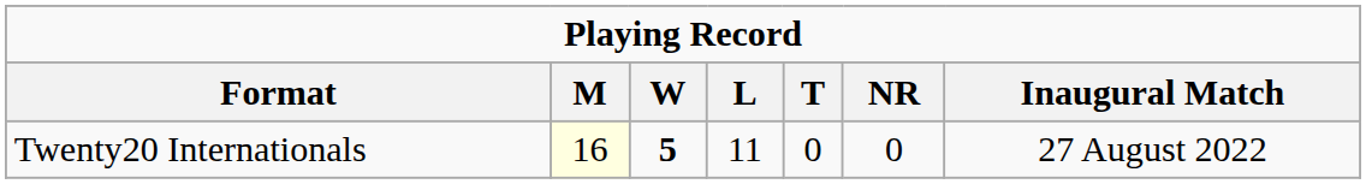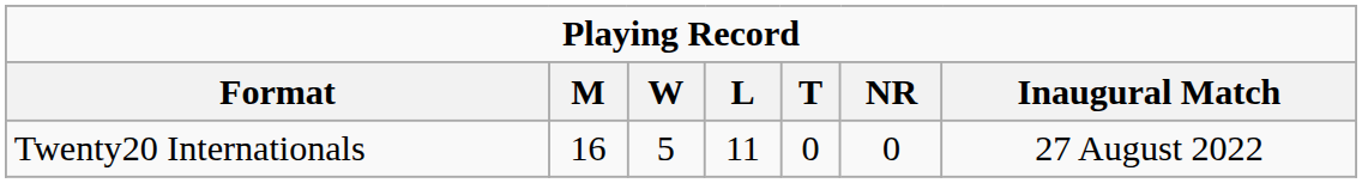 <table class="wikitable" style="text-align: center; width: 600px;">
 <tr>
 <td colspan=7 align="center"><strong>Playing Record</strong></td>
 </tr>
 <tr>
 <th>Format</th>
 <th>M</th>
 <th>W</th>
 <th>L</th>
 <th>T</th>
 <th>NR</th>
 <th>Inaugural Match</th>
 </tr>
 <tr>
 <td align="left">Twenty20 Internationals</td>
-<td style="background: lightyellow;">16</td>
-<td><strong>5</strong></td>
+<td>16</td>
+<td>5</td>
 <td>11</td>
 <td>0</td>
 <td>0</td>
 <td>27 August 2022</td>
 </tr>
 </table>
